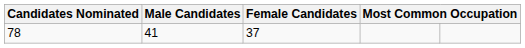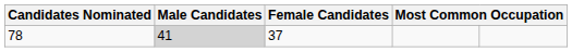 <table class="wikitable">
 <tr>
 <th>Candidates Nominated</th>
 <th>Male Candidates</th>
 <th>Female Candidates</th>
 <th colspan="2">Most Common Occupation</th>
 </tr>
 <tr>
 <td>78</td>
-<td>41</td>
+<td style="background: lightgrey;">41</td>
 <td>37</td>
 <td></td>
 <td></td>
 </tr>
 </table>
